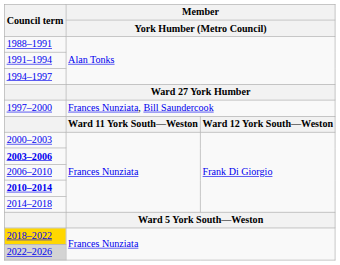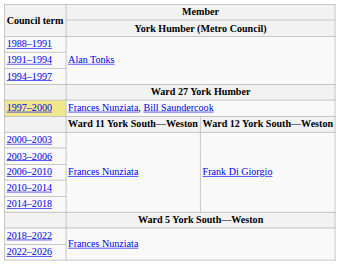 <table class="wikitable">
 <tr>
 <th rowspan="2">Council term</th>
 <th colspan="2">Member</th>
 </tr>
 <tr>
 <th colspan="2">York Humber (Metro Council)</th>
 </tr>
 <tr>
 <td><a href='#'>1988–1991</a></td>
 <td colspan="2" rowspan="3"><a href='#'>Alan Tonks</a></td>
 </tr>
 <tr>
 <td><a href='#'>1991–1994</a></td>
 </tr>
 <tr>
 <td><a href='#'>1994–1997</a></td>
 </tr>
 <tr>
 <th></th>
 <th colspan="2">Ward 27 York Humber</th>
 </tr>
 <tr>
-<td><a href='#'>1997–2000</a></td>
+<td style="background: khaki;"><a href='#'>1997–2000</a></td>
 <td colspan="2"><a href='#'>Frances Nunziata</a>, <a href='#'>Bill Saundercook</a></td>
 </tr>
 <tr>
 <th></th>
 <th>Ward 11 York South—Weston</th>
 <th>Ward 12 York South—Weston</th>
 </tr>
 <tr>
 <td><a href='#'>2000–2003</a></td>
 <td rowspan="5"><a href='#'>Frances Nunziata</a></td>
 <td rowspan="5"><a href='#'>Frank Di Giorgio</a></td>
 </tr>
 <tr>
-<td><strong><a href='#'>2003–2006</a></strong></td>
+<td><a href='#'>2003–2006</a></td>
 </tr>
 <tr>
 <td><a href='#'>2006–2010</a></td>
 </tr>
 <tr>
-<td><strong><a href='#'>2010–2014</a></strong></td>
+<td><a href='#'>2010–2014</a></td>
 </tr>
 <tr>
 <td><a href='#'>2014–2018</a></td>
 </tr>
 <tr>
 <th></th>
 <th colspan="4">Ward 5 York South—Weston</th>
 </tr>
 <tr>
-<td style="background: gold;"><a href='#'>2018–2022</a></td>
+<td><a href='#'>2018–2022</a></td>
 <td colspan="2" rowspan="2"><a href='#'>Frances Nunziata</a></td>
 </tr>
 <tr>
-<td style="background: lightgrey;"><a href='#'>2022–2026</a></td>
+<td><a href='#'>2022–2026</a></td>
 </tr>
 </table>
